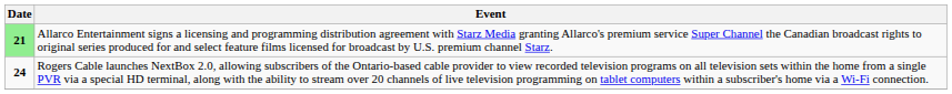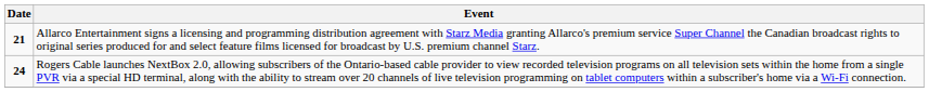 <table class="wikitable">
 <tr>
 <th>Date</th>
 <th>Event</th>
 </tr>
 <tr>
-<td style="background: lightgreen; text-align:center;"><strong>21</strong></td>
+<td style="text-align:center;"><strong>21</strong></td>
 <td>Allarco Entertainment signs a licensing and programming distribution agreement with <a href='#'>Starz Media</a> granting Allarco's premium service <a href='#'>Super Channel</a> the Canadian broadcast rights to original series produced for and select feature films licensed for broadcast by U.S. premium channel <a href='#'>Starz</a>.</td>
 </tr>
 <tr>
 <td style="text-align:center;"><strong>24</strong></td>
 <td>Rogers Cable launches NextBox 2.0, allowing subscribers of the Ontario-based cable provider to view recorded television programs on all television sets within the home from a single <a href='#'>PVR</a> via a special HD terminal, along with the ability to stream over 20 channels of live television programming on <a href='#'>tablet computers</a> within a subscriber's home via a <a href='#'>Wi-Fi</a> connection.</td>
 </tr>
 <tr>
 </tr>
 </table>
